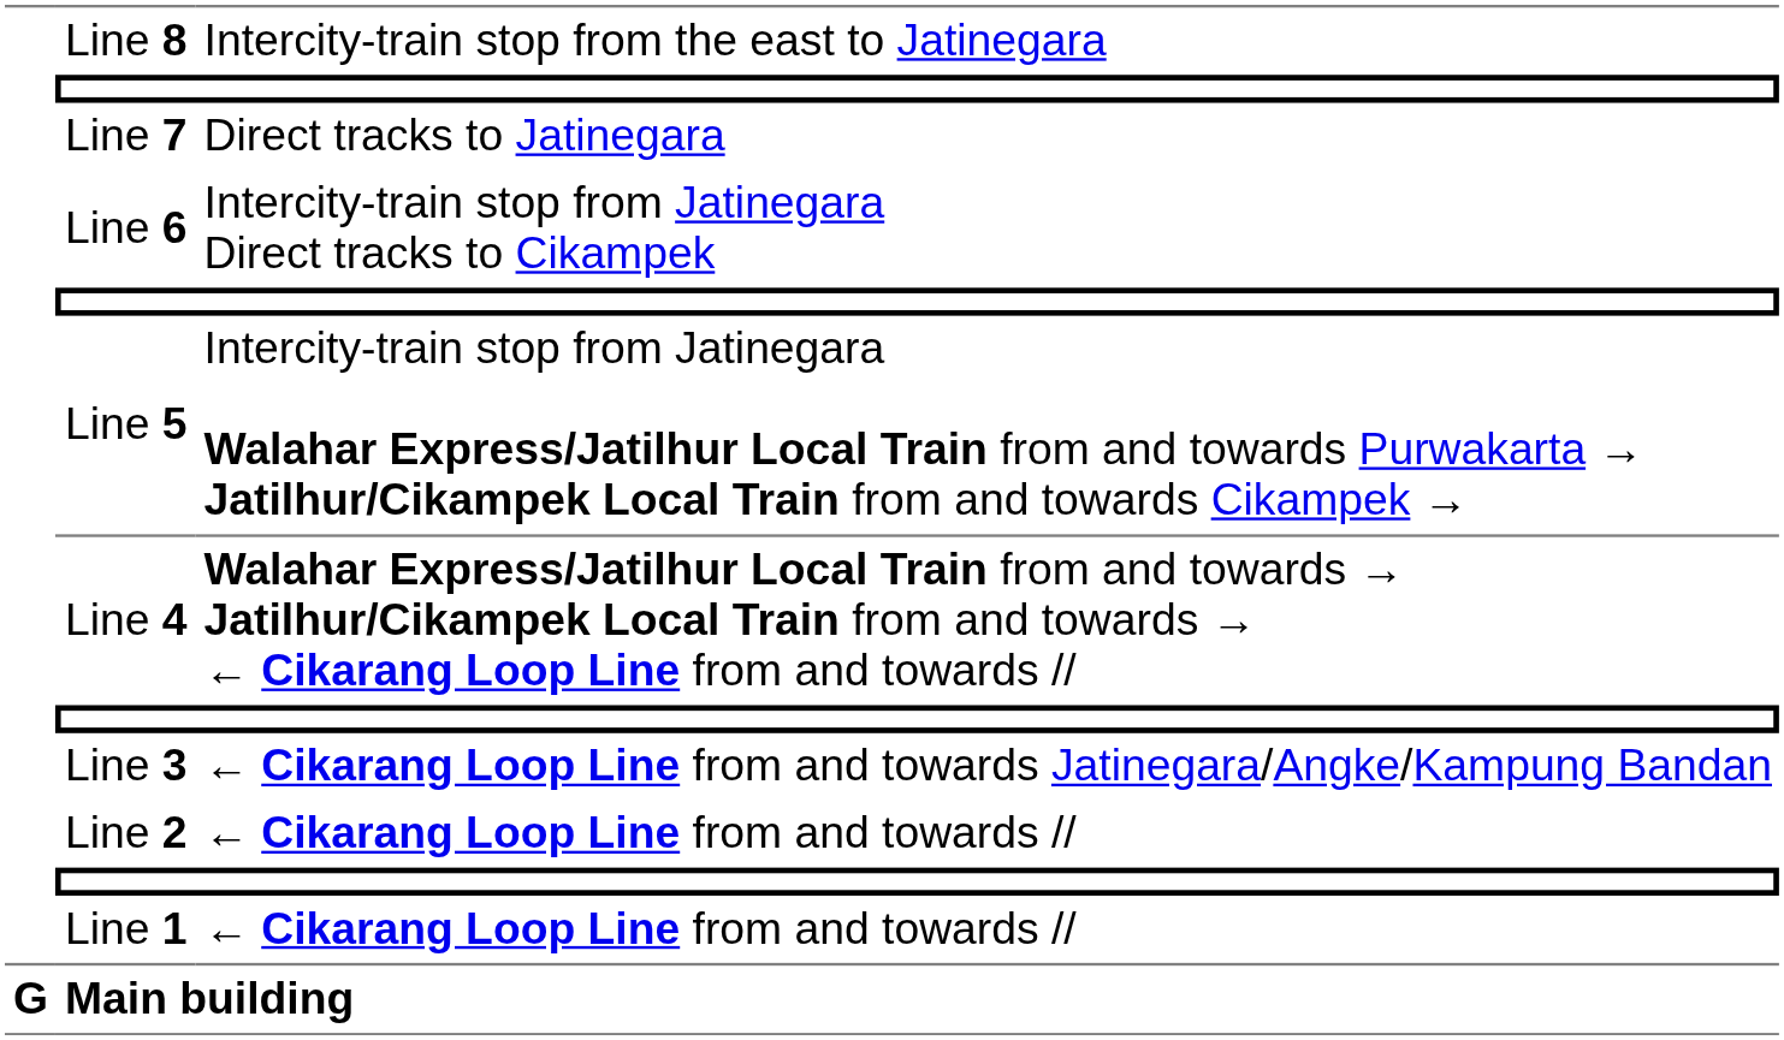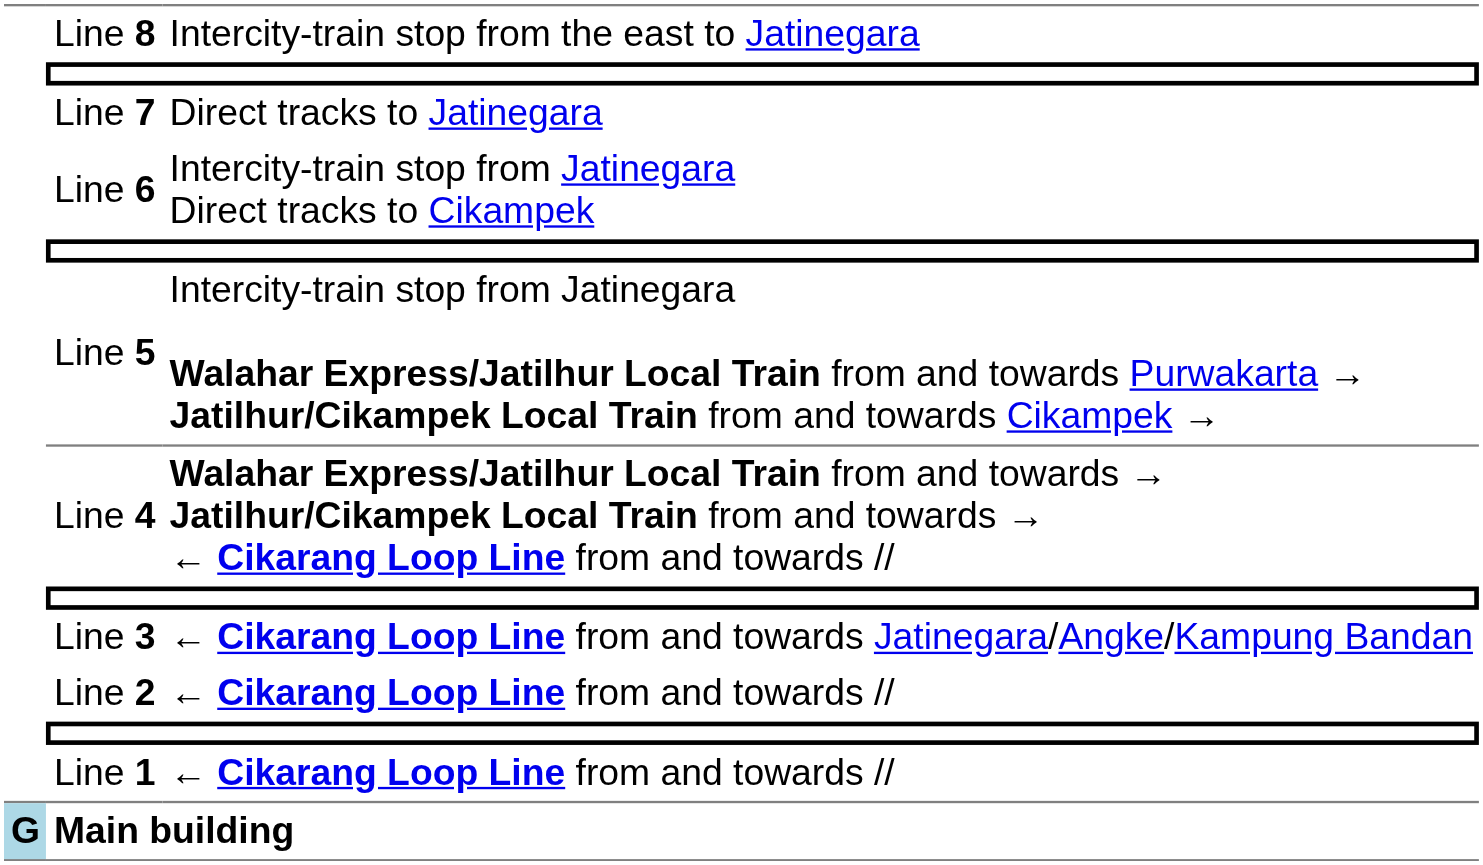 <table cellspacing="0" cellpadding="3">
 <tr>
 <td rowspan="12" style="border-top:solid 1px gray; border-bottom:solid 1px gray;"></td>
 <td style="border-top:solid 1px gray;">Line <strong>8</strong></td>
 <td style="border-top:solid 1px gray;"> Intercity-train stop from the east to <a href='#'>Jatinegara</a></td>
 </tr>
 <tr>
 <td style="text-align:center; border-top:solid 2px black;border-left:solid 2px black;border-right:solid 2px black;border-bottom:solid 2px black;" colspan="2"></td>
 </tr>
 <tr>
 <td>Line <strong>7</strong></td>
 <td> Direct tracks to <a href='#'>Jatinegara</a></td>
 </tr>
 <tr>
 <td>Line <strong>6</strong></td>
 <td> Intercity-train stop from  <a href='#'>Jatinegara</a><br>Direct tracks to <a href='#'>Cikampek</a></td>
 </tr>
 <tr>
 <td style="text-align:center; border-top:solid 2px black;border-left:solid 2px black;border-right:solid 2px black;border-bottom:solid 2px black;" colspan="2"></td>
 </tr>
 <tr>
 <td style="border-bottom:solid 1px gray;">Line <strong>5</strong></td>
 <td style="border-bottom:solid 1px gray;"> Intercity-train stop from Jatinegara<br><br><strong>Walahar Express/Jatilhur Local Train</strong> from and towards <a href='#'>Purwakarta</a>  →<br>  <strong>Jatilhur/Cikampek Local Train</strong> from and towards <a href='#'>Cikampek</a>  →</td>
 </tr>
 <tr>
 <td>Line <strong>4</strong></td>
 <td><strong>Walahar Express/Jatilhur Local Train</strong> from and towards   →<br> <strong>Jatilhur/Cikampek Local Train</strong> from and towards   →<br>←   <strong><a href='#'>Cikarang Loop Line</a></strong> from and towards //</td>
 </tr>
 <tr>
 <td style="text-align:center; border-top:solid 2px black;border-left:solid 2px black;border-right:solid 2px black;border-bottom:solid 2px black;" colspan="2"></td>
 </tr>
 <tr>
 <td>Line <strong>3</strong></td>
 <td>←   <strong><a href='#'>Cikarang Loop Line</a></strong> from and towards <a href='#'>Jatinegara</a>/<a href='#'>Angke</a>/<a href='#'>Kampung Bandan</a></td>
 </tr>
 <tr>
 <td>Line <strong>2</strong></td>
 <td>←   <strong><a href='#'>Cikarang Loop Line</a></strong> from and towards //</td>
 </tr>
 <tr>
 <td style="text-align:center; border-top:solid 2px black;border-left:solid 2px black;border-right:solid 2px black;border-bottom:solid 2px black;" colspan="2"></td>
 </tr>
 <tr>
 <td style="border-bottom:solid 1px gray;">Line <strong>1</strong></td>
 <td style="border-bottom:solid 1px gray;">←   <strong><a href='#'>Cikarang Loop Line</a></strong> from and towards //</td>
 </tr>
 <tr>
-<td style="border-bottom:solid 1px gray;"><strong>G</strong></td>
+<td style="background: lightblue; border-bottom:solid 1px gray;"><strong>G</strong></td>
 <td style="border-bottom:solid 1px gray;" colspan="2"><strong>Main building</strong></td>
 </tr>
 </table>
